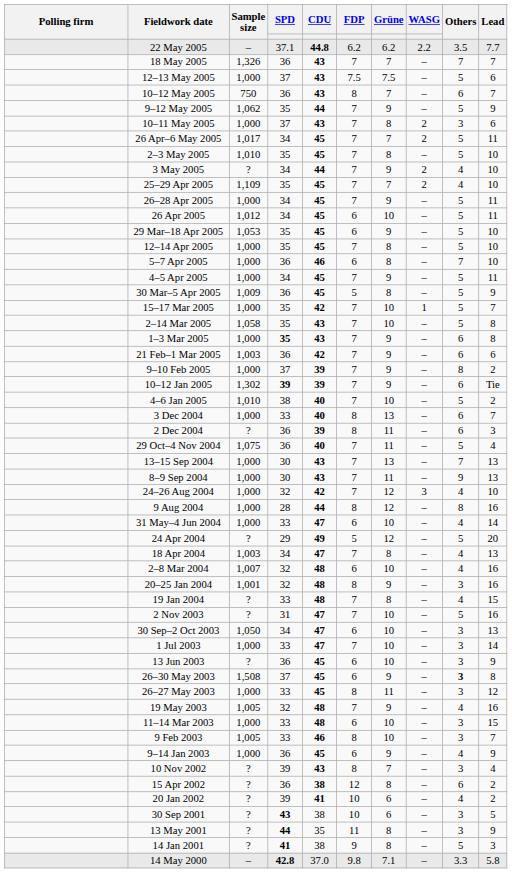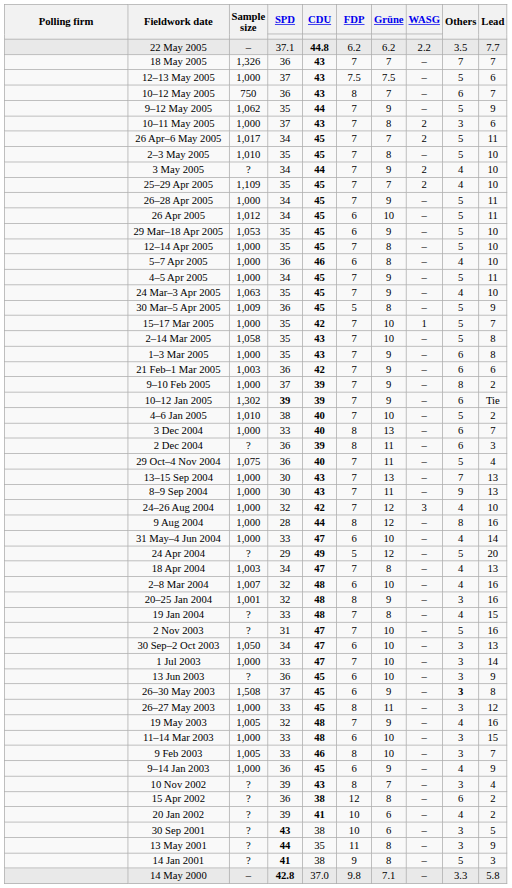 <table class="wikitable sortable" style="text-align:center;font-size:90%;line-height:14px;">
 <tr style="height:40px;">
 <th style="width:160px;" rowspan="2">Polling firm</th>
 <th style="width:130px;" rowspan="2">Fieldwork date</th>
 <th style="width:35px;" rowspan="2">Sample<br>size</th>
 <th class="unsortable" style="width:40px;"><a href='#'>SPD</a></th>
 <th class="unsortable" style="width:40px;"><a href='#'>CDU</a></th>
 <th class="unsortable" style="width:40px;"><a href='#'>FDP</a></th>
 <th class="unsortable" style="width:40px;"><a href='#'>Grüne</a></th>
 <th class="unsortable" style="width:40px;"><a href='#'>WASG</a></th>
 <th class="unsortable" style="width:40px;" rowspan="2">Others</th>
 <th style="width:30px;" rowspan="2">Lead</th>
 </tr>
 <tr>
 <th style="background:"></th>
 <th style="background:"></th>
 <th style="background:"></th>
 <th style="background:"></th>
 <th style="background:"></th>
 </tr>
 <tr style="background:#E9E9E9;">
 <td></td>
 <td data-sort-value="2005-05-22">22 May 2005</td>
 <td>–</td>
 <td>37.1</td>
 <td><strong>44.8</strong></td>
 <td>6.2</td>
 <td>6.2</td>
 <td>2.2</td>
 <td>3.5</td>
 <td style="background:">7.7</td>
 </tr>
 <tr>
 <td></td>
 <td data-sort-value="2005-05-19">18 May 2005</td>
 <td>1,326</td>
 <td>36</td>
 <td><strong>43</strong></td>
 <td>7</td>
 <td>7</td>
 <td>–</td>
 <td>7</td>
 <td style="background:">7</td>
 </tr>
 <tr>
 <td></td>
 <td data-sort-value="2005-05-15">12–13 May 2005</td>
 <td>1,000</td>
 <td>37</td>
 <td><strong>43</strong></td>
 <td>7.5</td>
 <td>7.5</td>
 <td>–</td>
 <td>5</td>
 <td style="background:">6</td>
 </tr>
 <tr>
 <td></td>
 <td data-sort-value="2005-05-13">10–12 May 2005</td>
 <td>750</td>
 <td>36</td>
 <td><strong>43</strong></td>
 <td>8</td>
 <td>7</td>
 <td>–</td>
 <td>6</td>
 <td style="background:">7</td>
 </tr>
 <tr>
 <td></td>
 <td data-sort-value="2005-05-13">9–12 May 2005</td>
 <td>1,062</td>
 <td>35</td>
 <td><strong>44</strong></td>
 <td>7</td>
 <td>9</td>
 <td>–</td>
 <td>5</td>
 <td style="background:">9</td>
 </tr>
 <tr>
 <td></td>
 <td data-sort-value="2005-05-12">10–11 May 2005</td>
 <td>1,000</td>
 <td>37</td>
 <td><strong>43</strong></td>
 <td>7</td>
 <td>8</td>
 <td>2</td>
 <td>3</td>
 <td style="background:">6</td>
 </tr>
 <tr>
 <td></td>
 <td data-sort-value="2005-05-11">26 Apr–6 May 2005</td>
 <td>1,017</td>
 <td>34</td>
 <td><strong>45</strong></td>
 <td>7</td>
 <td>7</td>
 <td>2</td>
 <td>5</td>
 <td style="background:">11</td>
 </tr>
 <tr>
 <td></td>
 <td data-sort-value="2005-05-04">2–3 May 2005</td>
 <td>1,010</td>
 <td>35</td>
 <td><strong>45</strong></td>
 <td>7</td>
 <td>8</td>
 <td>–</td>
 <td>5</td>
 <td style="background:">10</td>
 </tr>
 <tr>
 <td></td>
 <td data-sort-value="2005-05-03">3 May 2005</td>
 <td>?</td>
 <td>34</td>
 <td><strong>44</strong></td>
 <td>7</td>
 <td>9</td>
 <td>2</td>
 <td>4</td>
 <td style="background:">10</td>
 </tr>
 <tr>
 <td></td>
 <td data-sort-value="2005-05-01">25–29 Apr 2005</td>
 <td>1,109</td>
 <td>35</td>
 <td><strong>45</strong></td>
 <td>7</td>
 <td>7</td>
 <td>2</td>
 <td>4</td>
 <td style="background:">10</td>
 </tr>
 <tr>
 <td></td>
 <td data-sort-value="2005-05-01">26–28 Apr 2005</td>
 <td>1,000</td>
 <td>34</td>
 <td><strong>45</strong></td>
 <td>7</td>
 <td>9</td>
 <td>–</td>
 <td>5</td>
 <td style="background:">11</td>
 </tr>
 <tr>
 <td></td>
 <td data-sort-value="2005-04-27">26 Apr 2005</td>
 <td>1,012</td>
 <td>34</td>
 <td><strong>45</strong></td>
 <td>6</td>
 <td>10</td>
 <td>–</td>
 <td>5</td>
 <td style="background:">11</td>
 </tr>
 <tr>
 <td></td>
 <td data-sort-value="2005-04-22">29 Mar–18 Apr 2005</td>
 <td>1,053</td>
 <td>35</td>
 <td><strong>45</strong></td>
 <td>6</td>
 <td>9</td>
 <td>–</td>
 <td>5</td>
 <td style="background:">10</td>
 </tr>
 <tr>
 <td></td>
 <td data-sort-value="2005-04-17">12–14 Apr 2005</td>
 <td>1,000</td>
 <td>35</td>
 <td><strong>45</strong></td>
 <td>7</td>
 <td>8</td>
 <td>–</td>
 <td>5</td>
 <td style="background:">10</td>
 </tr>
 <tr>
 <td></td>
 <td data-sort-value="2005-04-08">5–7 Apr 2005</td>
 <td>1,000</td>
 <td>36</td>
 <td><strong>46</strong></td>
 <td>6</td>
 <td>8</td>
 <td>–</td>
-<td>7</td>
+<td>4</td>
 <td style="background:">10</td>
 </tr>
 <tr>
 <td></td>
 <td data-sort-value="2005-04-07">4–5 Apr 2005</td>
 <td>1,000</td>
 <td>34</td>
 <td><strong>45</strong></td>
 <td>7</td>
 <td>9</td>
 <td>–</td>
 <td>5</td>
 <td style="background:">11</td>
+</tr>
+<tr>
+<td></td>
+<td data-sort-value="2005-04-07">24 Mar–3 Apr 2005</td>
+<td>1,063</td>
+<td>35</td>
+<td><strong>45</strong></td>
+<td>7</td>
+<td>9</td>
+<td>–</td>
+<td>4</td>
+<td style="background:">10</td>
 </tr>
 <tr>
 <td></td>
 <td data-sort-value="2005-04-06">30 Mar–5 Apr 2005</td>
 <td>1,009</td>
 <td>36</td>
 <td><strong>45</strong></td>
 <td>5</td>
 <td>8</td>
 <td>–</td>
 <td>5</td>
 <td style="background:">9</td>
 </tr>
 <tr>
 <td></td>
 <td data-sort-value="2005-03-20">15–17 Mar 2005</td>
 <td>1,000</td>
 <td>35</td>
 <td><strong>42</strong></td>
 <td>7</td>
 <td>10</td>
 <td>1</td>
 <td>5</td>
 <td style="background:">7</td>
 </tr>
 <tr>
 <td></td>
 <td data-sort-value="2005-03-18">2–14 Mar 2005</td>
 <td>1,058</td>
 <td>35</td>
 <td><strong>43</strong></td>
 <td>7</td>
 <td>10</td>
 <td>–</td>
 <td>5</td>
 <td style="background:">8</td>
 </tr>
 <tr>
 <td></td>
 <td data-sort-value="2005-03-04">1–3 Mar 2005</td>
 <td>1,000</td>
-<td><strong>35</strong></td>
+<td>35</td>
 <td><strong>43</strong></td>
 <td>7</td>
 <td>9</td>
 <td>–</td>
 <td>6</td>
 <td style="background:">8</td>
 </tr>
 <tr>
 <td></td>
 <td data-sort-value="2005-03-02">21 Feb–1 Mar 2005</td>
 <td>1,003</td>
 <td>36</td>
 <td><strong>42</strong></td>
 <td>7</td>
 <td>9</td>
 <td>–</td>
 <td>6</td>
 <td style="background:">6</td>
 </tr>
 <tr>
 <td></td>
 <td data-sort-value="2005-02-13">9–10 Feb 2005</td>
 <td>1,000</td>
 <td>37</td>
 <td><strong>39</strong></td>
 <td>7</td>
 <td>9</td>
 <td>–</td>
 <td>8</td>
 <td style="background:">2</td>
 </tr>
 <tr>
 <td></td>
 <td data-sort-value="2005-01-13">10–12 Jan 2005</td>
 <td>1,302</td>
 <td><strong>39</strong></td>
 <td><strong>39</strong></td>
 <td>7</td>
 <td>9</td>
 <td>–</td>
 <td>6</td>
 <td data-sort-value="0">Tie</td>
 </tr>
 <tr>
 <td></td>
 <td data-sort-value="2005-01-09">4–6 Jan 2005</td>
 <td>1,010</td>
 <td>38</td>
 <td><strong>40</strong></td>
 <td>7</td>
 <td>10</td>
 <td>–</td>
 <td>5</td>
 <td style="background:">2</td>
 </tr>
 <tr>
 <td></td>
 <td data-sort-value="2004-12-03">3 Dec 2004</td>
 <td>1,000</td>
 <td>33</td>
 <td><strong>40</strong></td>
 <td>8</td>
 <td>13</td>
 <td>–</td>
 <td>6</td>
 <td style="background:">7</td>
 </tr>
 <tr>
 <td></td>
 <td data-sort-value="2004-12-02">2 Dec 2004</td>
 <td>?</td>
 <td>36</td>
 <td><strong>39</strong></td>
 <td>8</td>
 <td>11</td>
 <td>–</td>
 <td>6</td>
 <td style="background:">3</td>
 </tr>
 <tr>
 <td></td>
 <td data-sort-value="2004-11-05">29 Oct–4 Nov 2004</td>
 <td>1,075</td>
 <td>36</td>
 <td><strong>40</strong></td>
 <td>7</td>
 <td>11</td>
 <td>–</td>
 <td>5</td>
 <td style="background:">4</td>
 </tr>
 <tr>
 <td></td>
 <td data-sort-value="2004-09-19">13–15 Sep 2004</td>
 <td>1,000</td>
 <td>30</td>
 <td><strong>43</strong></td>
 <td>7</td>
 <td>13</td>
 <td>–</td>
 <td>7</td>
 <td style="background:">13</td>
 </tr>
 <tr>
 <td></td>
 <td data-sort-value="2004-09-12">8–9 Sep 2004</td>
 <td>1,000</td>
 <td>30</td>
 <td><strong>43</strong></td>
 <td>7</td>
 <td>11</td>
 <td>–</td>
 <td>9</td>
 <td style="background:">13</td>
 </tr>
 <tr>
 <td></td>
 <td data-sort-value="2004-08-29">24–26 Aug 2004</td>
 <td>1,000</td>
 <td>32</td>
 <td><strong>42</strong></td>
 <td>7</td>
 <td>12</td>
 <td>3</td>
 <td>4</td>
 <td style="background:">10</td>
 </tr>
 <tr>
 <td></td>
 <td data-sort-value="2004-08-13">9 Aug 2004</td>
 <td>1,000</td>
 <td>28</td>
 <td><strong>44</strong></td>
 <td>8</td>
 <td>12</td>
 <td>–</td>
 <td>8</td>
 <td style="background:">16</td>
 </tr>
 <tr>
 <td></td>
 <td data-sort-value="2004-06-06">31 May–4 Jun 2004</td>
 <td>1,000</td>
 <td>33</td>
 <td><strong>47</strong></td>
 <td>6</td>
 <td>10</td>
 <td>–</td>
 <td>4</td>
 <td style="background:">14</td>
 </tr>
 <tr>
 <td></td>
 <td data-sort-value="2004-04-24">24 Apr 2004</td>
 <td>?</td>
 <td>29</td>
 <td><strong>49</strong></td>
 <td>5</td>
 <td>12</td>
 <td>–</td>
 <td>5</td>
 <td style="background:">20</td>
 </tr>
 <tr>
 <td></td>
 <td data-sort-value="2004-04-18">18 Apr 2004</td>
 <td>1,003</td>
 <td>34</td>
 <td><strong>47</strong></td>
 <td>7</td>
 <td>8</td>
 <td>–</td>
 <td>4</td>
 <td style="background:">13</td>
 </tr>
 <tr>
 <td></td>
 <td data-sort-value="2004-03-12">2–8 Mar 2004</td>
 <td>1,007</td>
 <td>32</td>
 <td><strong>48</strong></td>
 <td>6</td>
 <td>10</td>
 <td>–</td>
 <td>4</td>
 <td style="background:">16</td>
 </tr>
 <tr>
 <td></td>
 <td data-sort-value="2004-02-01">20–25 Jan 2004</td>
 <td>1,001</td>
 <td>32</td>
 <td><strong>48</strong></td>
 <td>8</td>
 <td>9</td>
 <td>–</td>
 <td>3</td>
 <td style="background:">16</td>
 </tr>
 <tr>
 <td></td>
 <td data-sort-value="2004-01-19">19 Jan 2004</td>
 <td>?</td>
 <td>33</td>
 <td><strong>48</strong></td>
 <td>7</td>
 <td>8</td>
 <td>–</td>
 <td>4</td>
 <td style="background:">15</td>
 </tr>
 <tr>
 <td></td>
 <td data-sort-value="2003-11-02">2 Nov 2003</td>
 <td>?</td>
 <td>31</td>
 <td><strong>47</strong></td>
 <td>7</td>
 <td>10</td>
 <td>–</td>
 <td>5</td>
 <td style="background:">16</td>
 </tr>
 <tr>
 <td></td>
 <td data-sort-value="2003-10-08">30 Sep–2 Oct 2003</td>
 <td>1,050</td>
 <td>34</td>
 <td><strong>47</strong></td>
 <td>6</td>
 <td>10</td>
 <td>–</td>
 <td>3</td>
 <td style="background:">13</td>
 </tr>
 <tr>
 <td></td>
 <td data-sort-value="2003-07-02">1 Jul 2003</td>
 <td>1,000</td>
 <td>33</td>
 <td><strong>47</strong></td>
 <td>7</td>
 <td>10</td>
 <td>–</td>
 <td>3</td>
 <td style="background:">14</td>
 </tr>
 <tr>
 <td></td>
 <td data-sort-value="2003-06-13">13 Jun 2003</td>
 <td>?</td>
 <td>36</td>
 <td><strong>45</strong></td>
 <td>6</td>
 <td>10</td>
 <td>–</td>
 <td>3</td>
 <td style="background:">9</td>
 </tr>
 <tr>
 <td></td>
 <td data-sort-value="2003-06-03">26–30 May 2003</td>
 <td>1,508</td>
 <td>37</td>
 <td><strong>45</strong></td>
 <td>6</td>
 <td>9</td>
 <td>–</td>
 <td><strong>3</strong></td>
 <td style="background:">8</td>
 </tr>
 <tr>
 <td></td>
 <td data-sort-value="2003-05-28">26–27 May 2003</td>
 <td>1,000</td>
 <td>33</td>
 <td><strong>45</strong></td>
 <td>8</td>
 <td>11</td>
 <td>–</td>
 <td>3</td>
 <td style="background:">12</td>
 </tr>
 <tr>
 <td></td>
 <td data-sort-value="2003-05-19">19 May 2003</td>
 <td>1,005</td>
 <td>32</td>
 <td><strong>48</strong></td>
 <td>7</td>
 <td>9</td>
 <td>–</td>
 <td>4</td>
 <td style="background:">16</td>
 </tr>
 <tr>
 <td></td>
 <td data-sort-value="2003-03-25">11–14 Mar 2003</td>
 <td>1,000</td>
 <td>33</td>
 <td><strong>48</strong></td>
 <td>6</td>
 <td>10</td>
 <td>–</td>
 <td>3</td>
 <td style="background:">15</td>
 </tr>
 <tr>
 <td></td>
 <td data-sort-value="2003-02-09">9 Feb 2003</td>
 <td>1,005</td>
 <td>33</td>
 <td><strong>46</strong></td>
 <td>8</td>
 <td>10</td>
 <td>–</td>
 <td>3</td>
 <td style="background:">7</td>
 </tr>
 <tr>
 <td></td>
 <td data-sort-value="2003-01-20">9–14 Jan 2003</td>
 <td>1,000</td>
 <td>36</td>
 <td><strong>45</strong></td>
 <td>6</td>
 <td>9</td>
 <td>–</td>
 <td>4</td>
 <td style="background:">9</td>
 </tr>
 <tr>
 <td></td>
 <td data-sort-value="2002-11-10">10 Nov 2002</td>
 <td>?</td>
 <td>39</td>
 <td><strong>43</strong></td>
 <td>8</td>
 <td>7</td>
 <td>–</td>
 <td>3</td>
 <td style="background:">4</td>
 </tr>
 <tr>
 <td></td>
 <td data-sort-value="2002-04-15">15 Apr 2002</td>
 <td>?</td>
 <td>36</td>
 <td><strong>38</strong></td>
 <td>12</td>
 <td>8</td>
 <td>–</td>
 <td>6</td>
 <td style="background:">2</td>
 </tr>
 <tr>
 <td></td>
 <td data-sort-value="2002-01-20">20 Jan 2002</td>
 <td>?</td>
 <td>39</td>
 <td><strong>41</strong></td>
 <td>10</td>
 <td>6</td>
 <td>–</td>
 <td>4</td>
 <td style="background:">2</td>
 </tr>
 <tr>
 <td></td>
 <td data-sort-value="2001-09-30">30 Sep 2001</td>
 <td>?</td>
 <td><strong>43</strong></td>
 <td>38</td>
 <td>10</td>
 <td>6</td>
 <td>–</td>
 <td>3</td>
 <td style="background:">5</td>
 </tr>
 <tr>
 <td></td>
 <td data-sort-value="2001-05-13">13 May 2001</td>
 <td>?</td>
 <td><strong>44</strong></td>
 <td>35</td>
 <td>11</td>
 <td>8</td>
 <td>–</td>
 <td>3</td>
 <td style="background:">9</td>
 </tr>
 <tr>
 <td></td>
 <td data-sort-value="2001-01-14">14 Jan 2001</td>
 <td>?</td>
 <td><strong>41</strong></td>
 <td>38</td>
 <td>9</td>
 <td>8</td>
 <td>–</td>
 <td>5</td>
 <td style="background:">3</td>
 </tr>
 <tr style="background:#E9E9E9;">
 <td></td>
 <td data-sort-value="2000-05-14">14 May 2000</td>
 <td>–</td>
 <td><strong>42.8</strong></td>
 <td>37.0</td>
 <td>9.8</td>
 <td>7.1</td>
 <td>–</td>
 <td>3.3</td>
 <td style="background:">5.8</td>
 </tr>
 </table>
